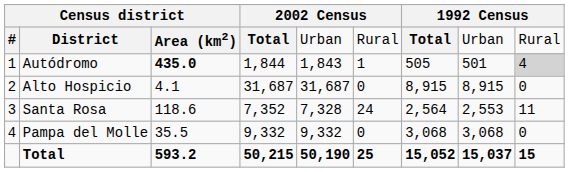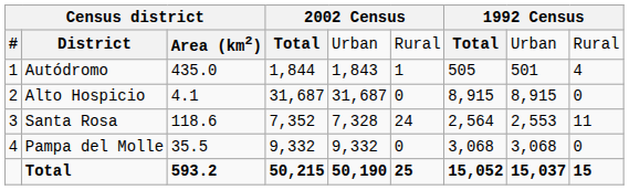 <table class="wikitable">
 <tr>
 <th colspan="3">Census district</th>
 <th colspan="3">2002 Census</th>
 <th colspan="3">1992 Census</th>
 </tr>
 <tr>
 <th>#</th>
 <th>District</th>
 <th>Area (km<sup>2</sup>)</th>
 <th>Total</th>
 <td>Urban</td>
 <td>Rural</td>
 <th>Total</th>
 <td>Urban</td>
 <td>Rural</td>
 </tr>
 <tr>
 <td>1</td>
 <td>Autódromo</td>
-<td><strong>435.0</strong></td>
+<td>435.0</td>
 <td>1,844</td>
 <td>1,843</td>
 <td>1</td>
 <td>505</td>
 <td>501</td>
-<td style="background: lightgrey;">4</td>
+<td>4</td>
 </tr>
 <tr>
 <td>2</td>
 <td>Alto Hospicio</td>
 <td>4.1</td>
 <td>31,687</td>
 <td>31,687</td>
 <td>0</td>
 <td>8,915</td>
 <td>8,915</td>
 <td>0</td>
 </tr>
 <tr>
 <td>3</td>
 <td>Santa Rosa</td>
 <td>118.6</td>
 <td>7,352</td>
 <td>7,328</td>
 <td>24</td>
 <td>2,564</td>
 <td>2,553</td>
 <td>11</td>
 </tr>
 <tr>
 <td>4</td>
 <td>Pampa del Molle</td>
 <td>35.5</td>
 <td>9,332</td>
 <td>9,332</td>
 <td>0</td>
 <td>3,068</td>
 <td>3,068</td>
 <td>0</td>
 </tr>
 <tr>
 <td></td>
 <td><strong>Total</strong></td>
 <td><strong>593.2</strong></td>
 <td><strong>50,215</strong></td>
 <td><strong>50,190</strong></td>
 <td><strong>25</strong></td>
 <td><strong>15,052</strong></td>
 <td><strong>15,037</strong></td>
 <td><strong>15</strong></td>
 </tr>
 </table>
